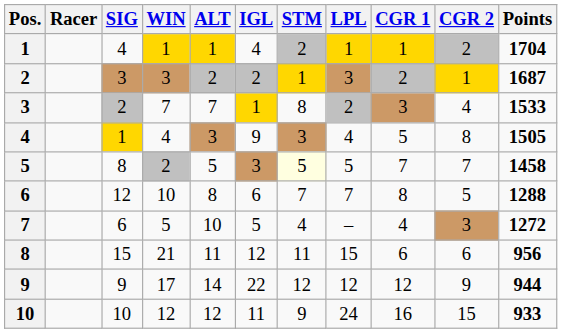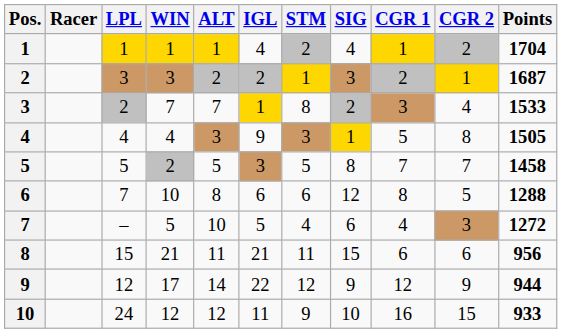 <table class="wikitable sortable plainrowheaders" style="text-align:center">
 <tr>
 <th scope="col">Pos.</th>
 <th scope="col">Racer</th>
-<th scope="col"> <a href='#'>SIG</a></th>
+<th scope="col"> <a href='#'>LPL</a></th>
 <th scope="col"> <a href='#'>WIN</a></th>
 <th scope="col"> <a href='#'>ALT</a></th>
 <th scope="col"> <a href='#'>IGL</a></th>
 <th scope="col"> <a href='#'>STM</a></th>
-<th scope="col"> <a href='#'>LPL</a></th>
+<th scope="col"> <a href='#'>SIG</a></th>
 <th scope="col"> <a href='#'>CGR 1</a></th>
 <th> <a href='#'>CGR 2</a></th>
 <th><strong>Points</strong></th>
 </tr>
 <tr>
 <th style="text-align:center;">1</th>
 <td align="left"></td>
-<td>4</td>
+<td style="background:gold;">1</td>
 <td style="background:gold;">1</td>
 <td style="background:gold;">1</td>
 <td>4</td>
 <td style="background:silver;">2</td>
-<td style="background:gold;">1</td>
+<td>4</td>
 <td style="background:gold;">1</td>
 <td style="background:silver;">2</td>
 <td><strong>1704</strong></td>
 </tr>
 <tr>
 <th>2</th>
 <td align="left"></td>
 <td style="background:#c96;">3</td>
 <td style="background:#c96;">3</td>
 <td style="background:silver;">2</td>
 <td style="background:silver;">2</td>
 <td style="background:gold;">1</td>
 <td style="background:#c96;">3</td>
 <td style="background:silver;">2</td>
 <td style="background:gold;">1</td>
 <td><strong>1687</strong></td>
 </tr>
 <tr>
 <th>3</th>
 <td align="left"></td>
 <td style="background:silver;">2</td>
 <td>7</td>
 <td>7</td>
 <td style="background:gold;">1</td>
 <td>8</td>
 <td style="background:silver;">2</td>
 <td style="background:#c96;">3</td>
 <td>4</td>
 <td><strong>1533</strong></td>
 </tr>
 <tr>
 <th>4</th>
 <td align="left"></td>
-<td style="background:gold;">1</td>
+<td>4</td>
 <td>4</td>
 <td style="background:#c96;">3</td>
 <td>9</td>
 <td style="background:#c96;">3</td>
-<td>4</td>
+<td style="background:gold;">1</td>
 <td>5</td>
 <td>8</td>
 <td><strong>1505</strong></td>
 </tr>
 <tr>
 <th>5</th>
 <td align="left"></td>
-<td>8</td>
+<td>5</td>
 <td style="background:silver;">2</td>
 <td>5</td>
 <td style="background:#c96;">3</td>
-<td style="background: lightyellow;">5</td>
 <td>5</td>
+<td>8</td>
 <td>7</td>
 <td>7</td>
 <td><strong>1458</strong></td>
 </tr>
 <tr>
 <th>6</th>
 <td align="left"></td>
-<td>12</td>
+<td>7</td>
 <td>10</td>
 <td>8</td>
 <td>6</td>
-<td>7</td>
-<td>7</td>
+<td>6</td>
+<td>12</td>
 <td>8</td>
 <td>5</td>
 <td><strong>1288</strong></td>
 </tr>
 <tr>
 <th>7</th>
 <td align="left"></td>
-<td>6</td>
+<td>–</td>
 <td>5</td>
 <td>10</td>
 <td>5</td>
 <td>4</td>
-<td>–</td>
+<td>6</td>
 <td>4</td>
 <td style="background:#c96;">3</td>
 <td><strong>1272</strong></td>
 </tr>
 <tr>
 <th>8</th>
 <td align="left"></td>
 <td>15</td>
 <td>21</td>
 <td>11</td>
-<td>12</td>
+<td>21</td>
 <td>11</td>
 <td>15</td>
 <td>6</td>
 <td>6</td>
 <td><strong>956</strong></td>
 </tr>
 <tr>
 <th>9</th>
 <td align="left"></td>
-<td>9</td>
+<td>12</td>
 <td>17</td>
 <td>14</td>
 <td>22</td>
 <td>12</td>
-<td>12</td>
+<td>9</td>
 <td>12</td>
 <td>9</td>
 <td><strong>944</strong></td>
 </tr>
 <tr>
 <th>10</th>
 <td align="left"></td>
-<td>10</td>
+<td>24</td>
 <td>12</td>
 <td>12</td>
 <td>11</td>
 <td>9</td>
-<td>24</td>
+<td>10</td>
 <td>16</td>
 <td>15</td>
 <td><strong>933</strong></td>
 </tr>
 </table>
